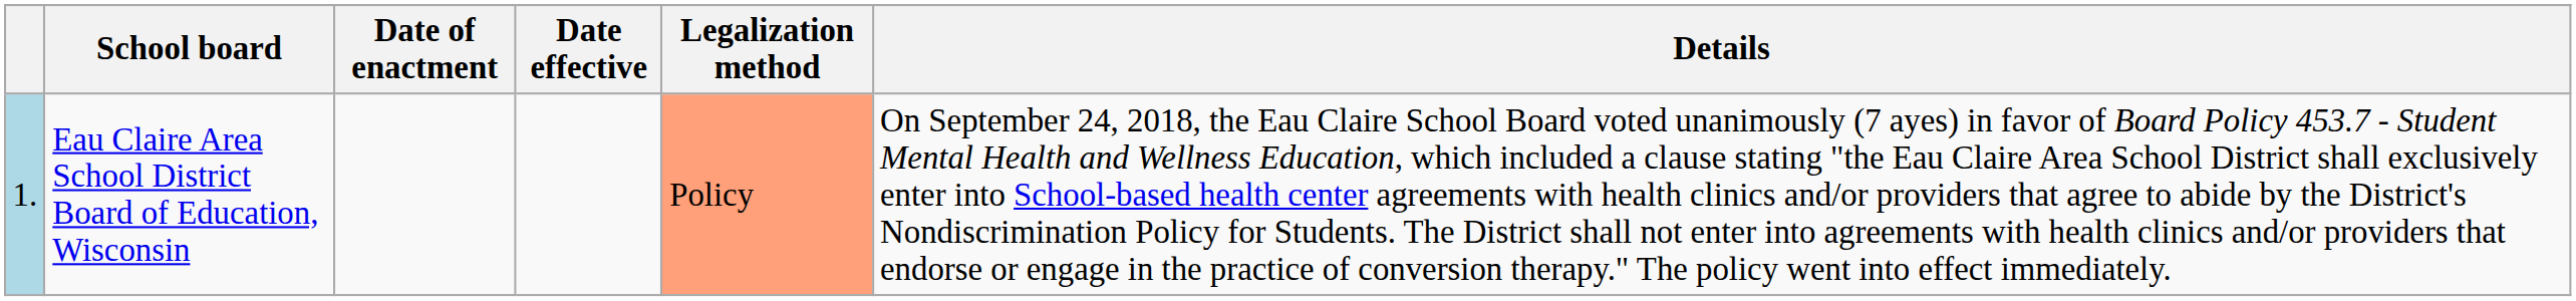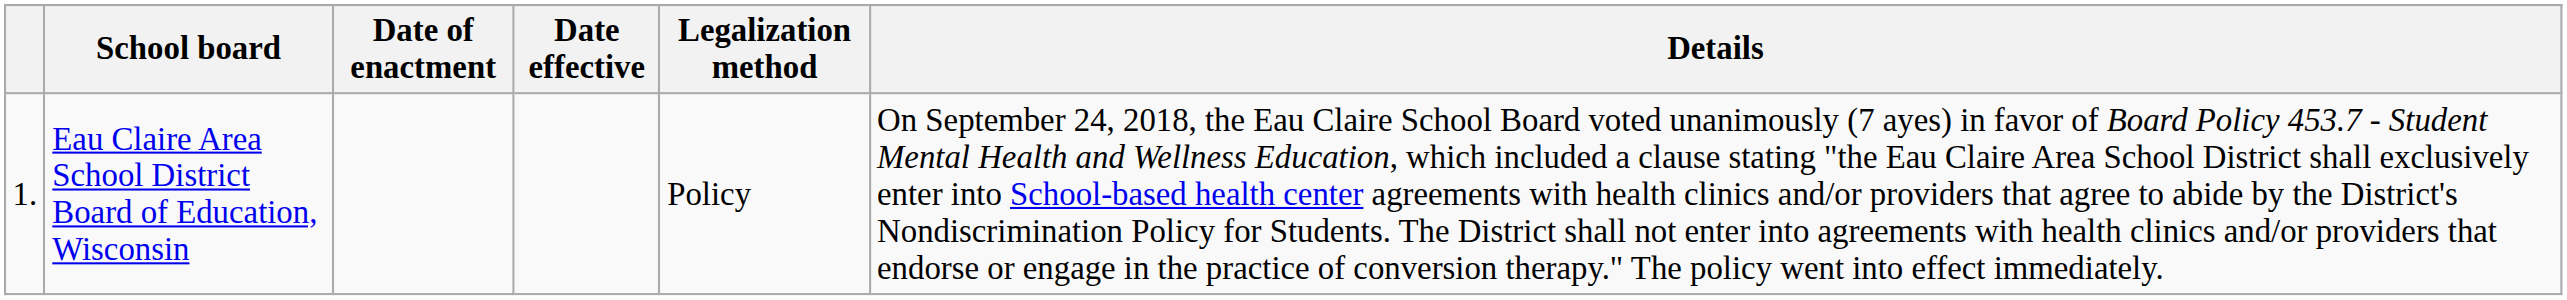 <table class="wikitable sortable">
 <tr>
 </tr>
 <tr>
 <th></th>
 <th>School board</th>
 <th>Date of enactment</th>
 <th>Date effective</th>
 <th>Legalization method</th>
 <th>Details</th>
 </tr>
 <tr>
-<td style="background: lightblue;">1.</td>
+<td>1.</td>
 <td><a href='#'>Eau Claire Area School District Board of Education, Wisconsin</a></td>
 <td></td>
 <td></td>
-<td style="background: lightsalmon;">Policy</td>
+<td>Policy</td>
 <td>On September 24, 2018, the Eau Claire School Board voted unanimously (7 ayes) in favor of <em>Board Policy 453.7 - Student Mental Health and Wellness Education</em>, which included a clause stating "the Eau Claire Area School District shall exclusively enter into <a href='#'>School-based health center</a> agreements with health clinics and/or providers that agree to abide by the District's Nondiscrimination Policy for Students. The District shall not enter into agreements with health clinics and/or providers that endorse or engage in the practice of conversion therapy." The policy went into effect immediately.</td>
 </tr>
 </table>
